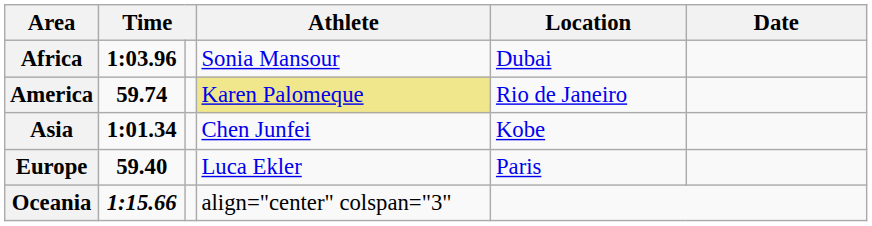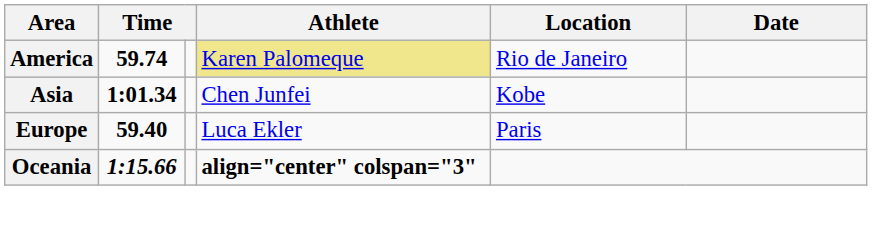 <table class="wikitable">
 <tr>
 <th width="45">Area</th>
 <th width="80" colspan="2">Time</th>
 <th width="200">Athlete</th>
 <th width="130">Location</th>
 <th width="120">Date</th>
-</tr>
-<tr>
-<th>Africa</th>
-<td align="center"><strong>1:03.96</strong></td>
-<td align="center"></td>
-<td> <a href='#'>Sonia Mansour</a></td>
-<td> <a href='#'>Dubai</a></td>
-<td align="right"></td>
 </tr>
 <tr>
 <th>America</th>
 <td align="center"><strong>59.74</strong></td>
 <td align="center"></td>
 <td style="background: khaki;"> <a href='#'>Karen Palomeque</a></td>
 <td> <a href='#'>Rio de Janeiro</a></td>
 <td align="right"></td>
 </tr>
 <tr>
 <th>Asia</th>
 <td align="center"><strong>1:01.34</strong></td>
 <td align="center"></td>
 <td> <a href='#'>Chen Junfei</a></td>
 <td> <a href='#'>Kobe</a></td>
 <td align="right"></td>
 </tr>
 <tr>
 <th>Europe</th>
 <td align="center"><strong>59.40</strong></td>
 <td align="center"></td>
 <td> <a href='#'>Luca Ekler</a></td>
 <td> <a href='#'>Paris</a></td>
 <td align="right"></td>
 </tr>
 <tr>
 <th>Oceania</th>
 <td align="center"><strong><em>1:15.66</em></strong></td>
 <td align="center"></td>
-<td>align="center" colspan="3" </td>
+<td><strong>align="center" colspan="3" </strong></td>
 </tr>
 </table>
